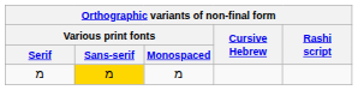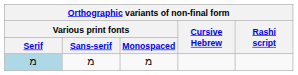 <table class=wikitable style="text-align:center;">
 <tr>
 <th colspan=5><small><a href='#'>Orthographic</a> variants of non-final form</small></th>
 </tr>
 <tr>
 <th colspan=3><small>Various print fonts</small></th>
 <th rowspan=2><small><a href='#'>Cursive<br>Hebrew</a></small></th>
 <th rowspan=2><small><a href='#'>Rashi<br>script</a></small></th>
 </tr>
 <tr>
 <th><small><a href='#'>Serif</a></small></th>
 <th><small><a href='#'>Sans-serif</a></small></th>
 <th><small><a href='#'>Monospaced</a></small></th>
 </tr>
 <tr>
+<td width=20% style="background: lightblue;"><span>מ</span></td>
 <td width=20%><span>מ</span></td>
-<td width=20% style="background: gold;"><span>מ</span></td>
 <td width=20%><span>מ</span></td>
 <td width=20%></td>
 <td width=20%></td>
 </tr>
 </table>
